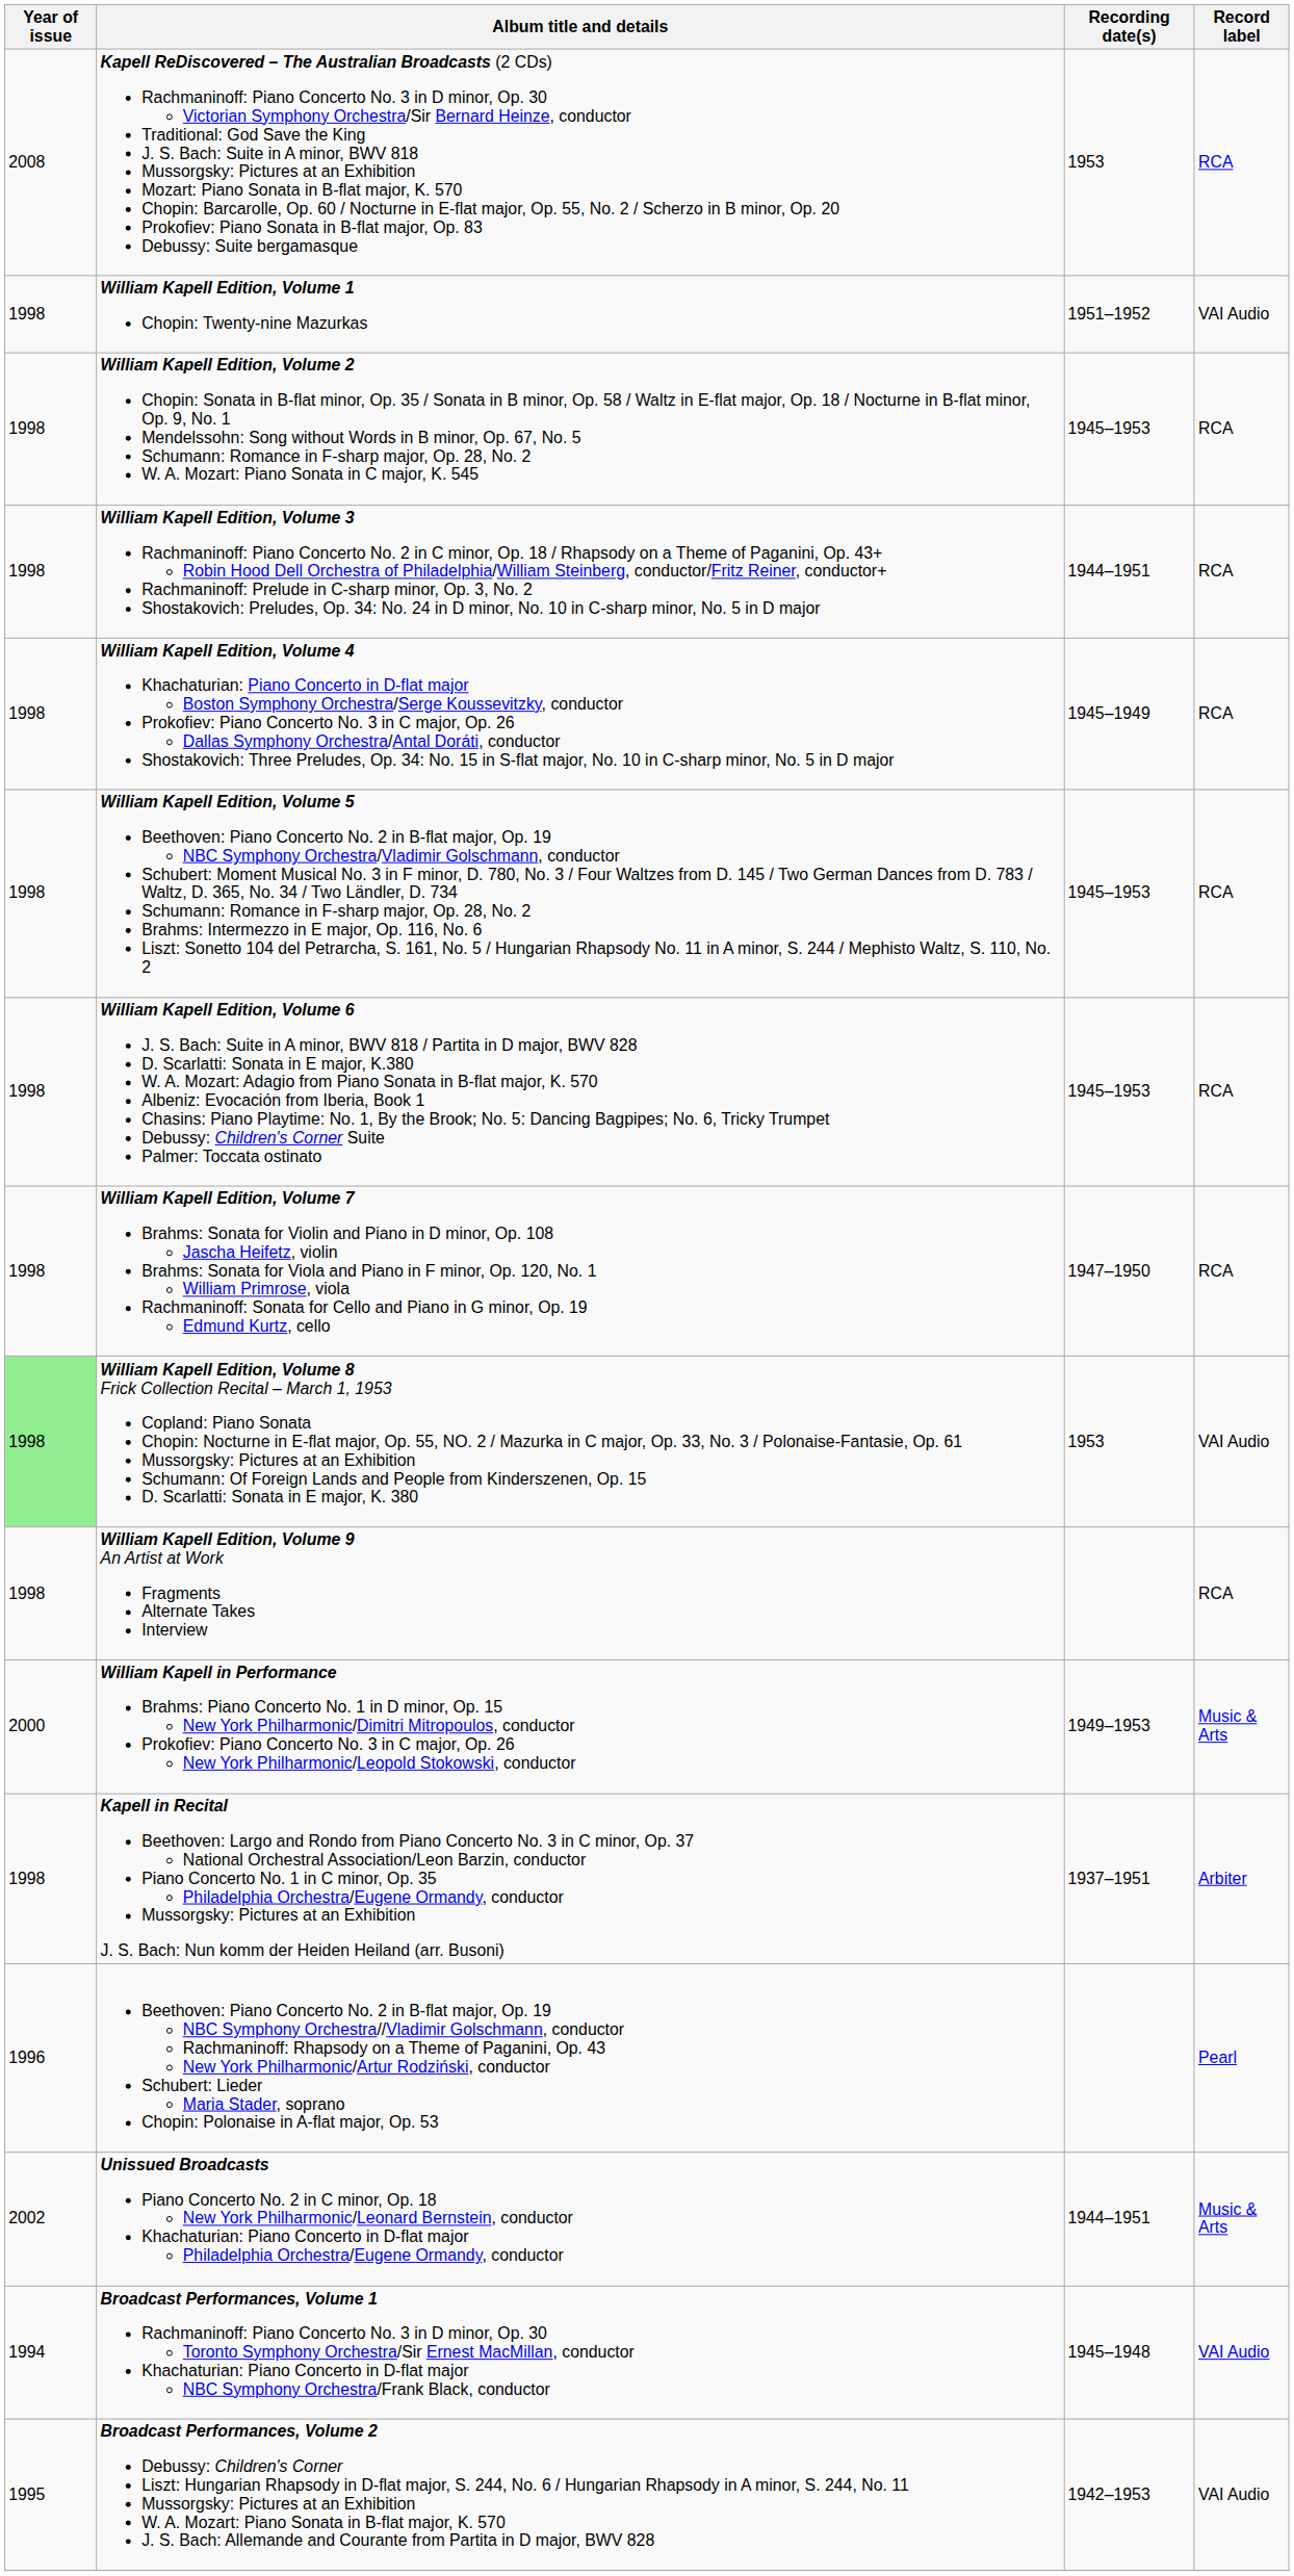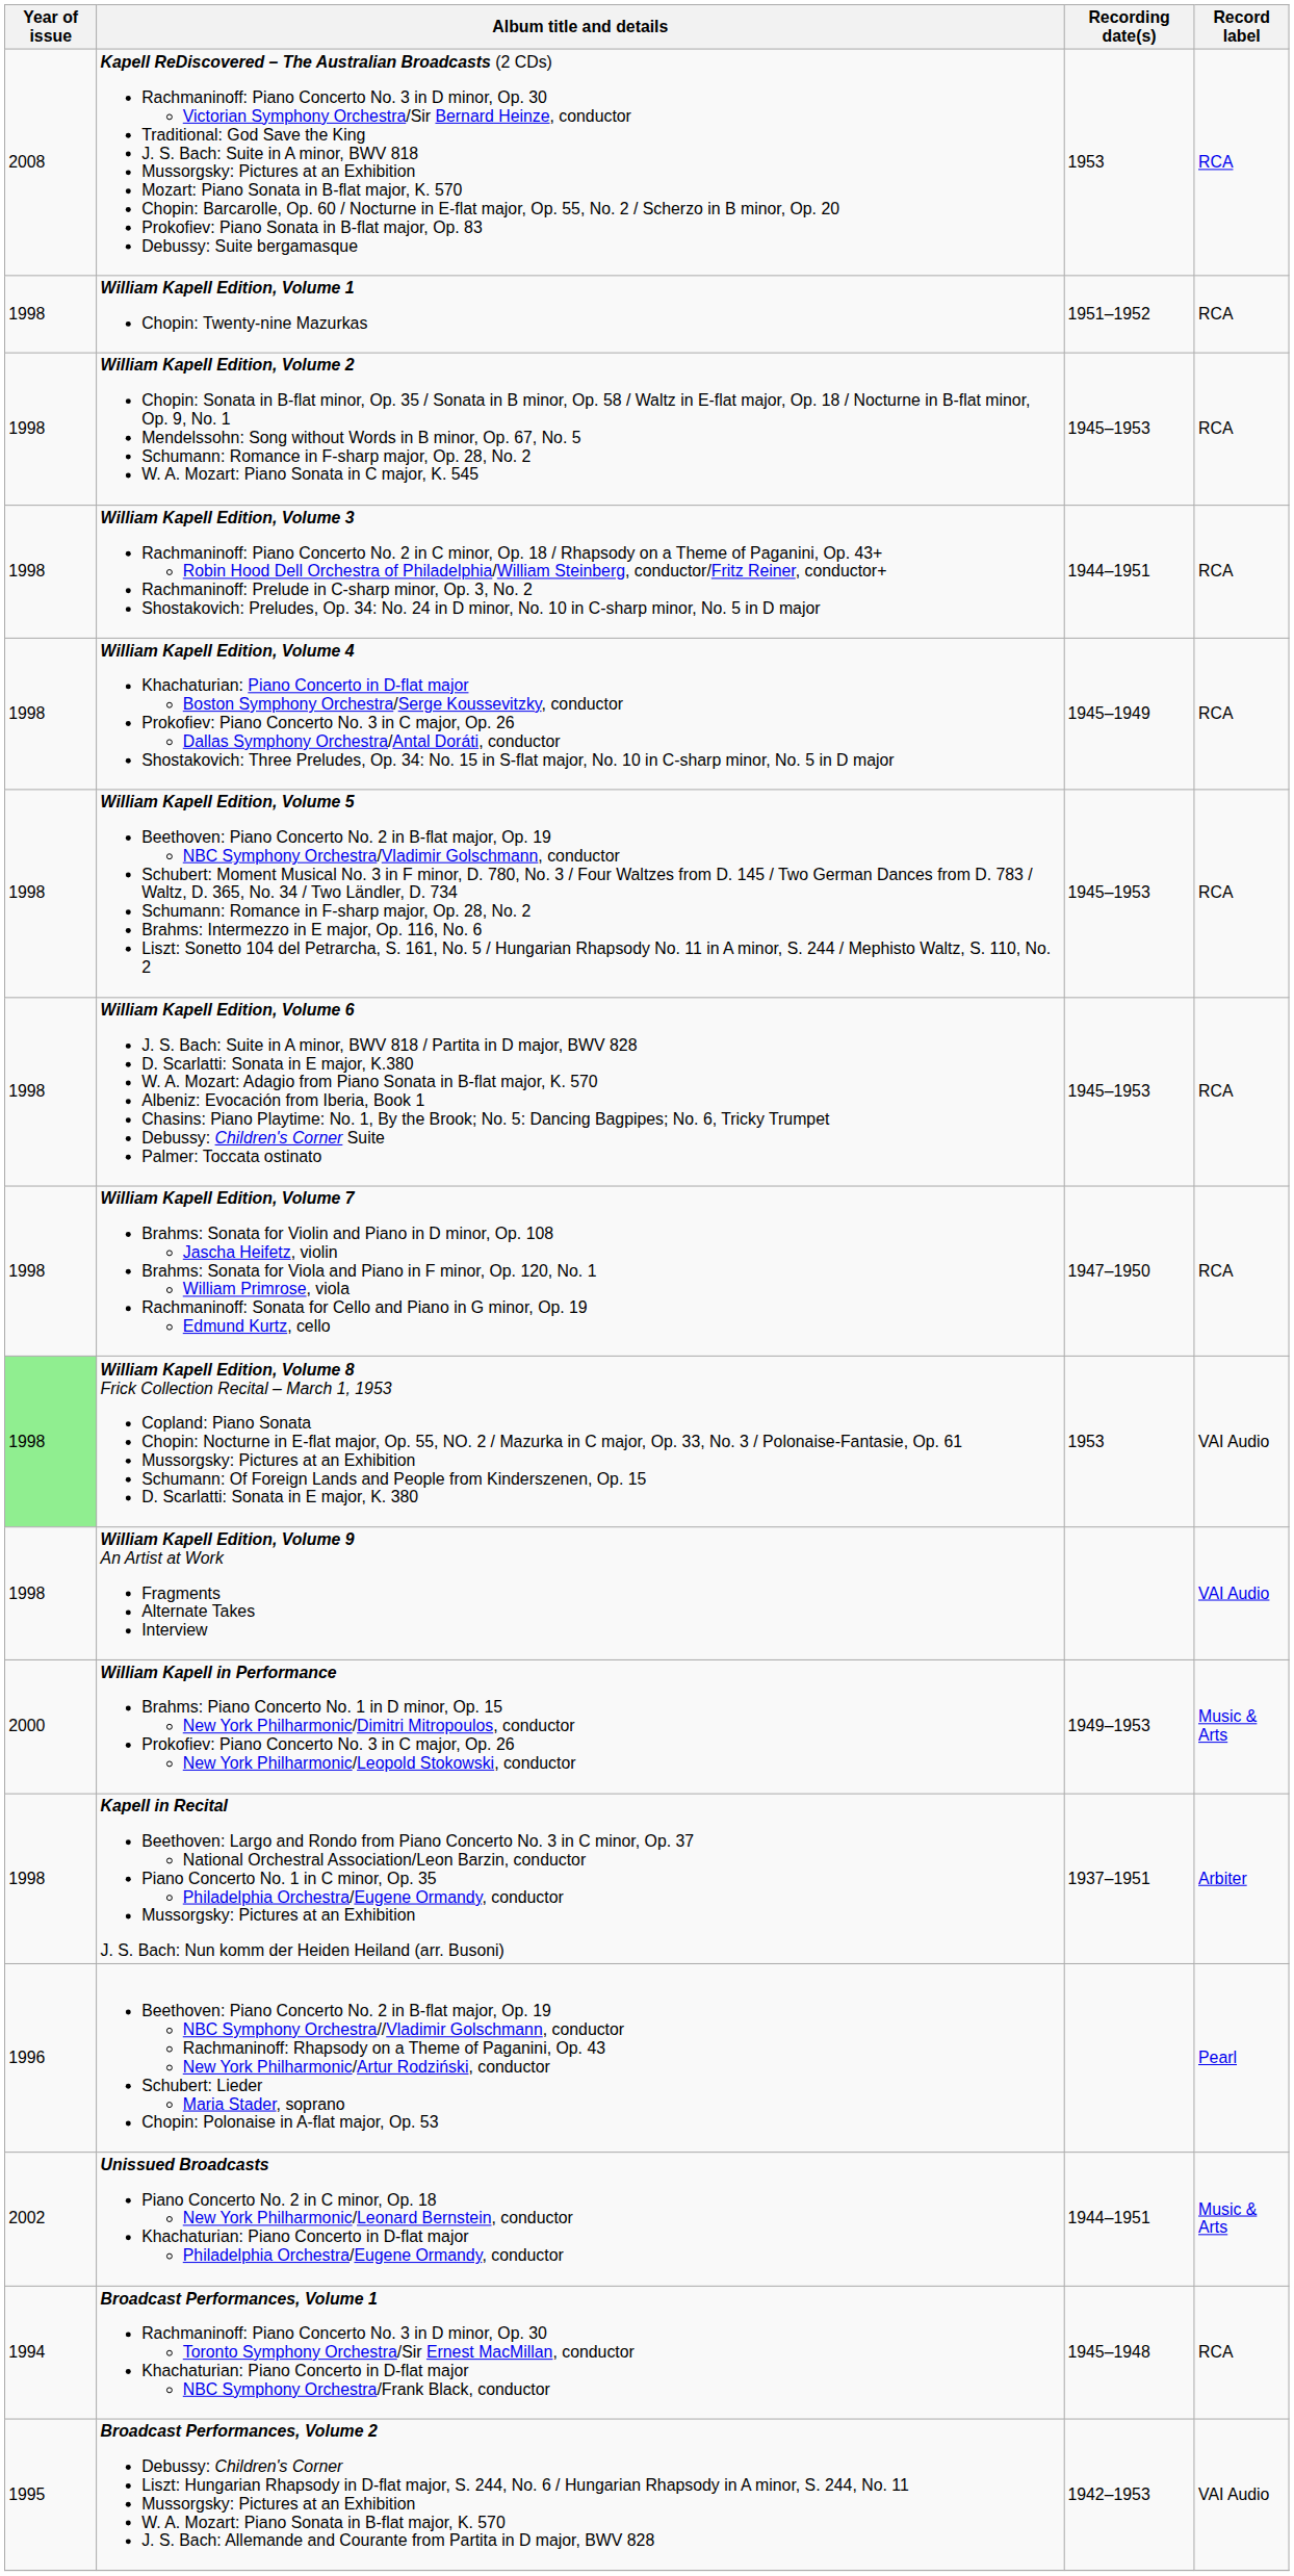 <table class="wikitable">
 <tr>
 <th>Year of issue</th>
 <th>Album title and details</th>
 <th>Recording date(s)</th>
 <th>Record label</th>
 </tr>
 <tr>
 <td>2008</td>
 <td><strong><em>Kapell ReDiscovered – The Australian Broadcasts</em></strong> (2 CDs)<br><ul><li>Rachmaninoff: Piano Concerto No. 3 in D minor, Op. 30<ul><li><a href='#'>Victorian Symphony Orchestra</a>/Sir <a href='#'>Bernard Heinze</a>, conductor</li></ul></li><li>Traditional: God Save the King</li><li>J. S. Bach: Suite in A minor, BWV 818</li><li>Mussorgsky: Pictures at an Exhibition</li><li>Mozart: Piano Sonata in B-flat major, K. 570</li><li>Chopin: Barcarolle, Op. 60 / Nocturne in E-flat major, Op. 55, No. 2 / Scherzo in B minor, Op. 20</li><li>Prokofiev: Piano Sonata in B-flat major, Op. 83</li><li>Debussy: Suite bergamasque</li></ul></td>
 <td>1953</td>
 <td><a href='#'>RCA</a></td>
 </tr>
 <tr>
 <td>1998</td>
 <td><strong><em>William Kapell Edition, Volume 1</em></strong><br><ul><li>Chopin: Twenty-nine Mazurkas</li></ul></td>
 <td>1951–1952</td>
-<td>VAI Audio</td>
+<td>RCA</td>
 </tr>
 <tr>
 <td>1998</td>
 <td><strong><em>William Kapell Edition, Volume 2</em></strong><br><ul><li>Chopin: Sonata in B-flat minor, Op. 35 / Sonata in B minor, Op. 58 / Waltz in E-flat major, Op. 18 / Nocturne in B-flat minor, Op. 9, No. 1</li><li>Mendelssohn: Song without Words in B minor, Op. 67, No. 5</li><li>Schumann: Romance in F-sharp major, Op. 28, No. 2</li><li>W. A. Mozart: Piano Sonata in C major, K. 545</li></ul></td>
 <td>1945–1953</td>
 <td>RCA</td>
 </tr>
 <tr>
 <td>1998</td>
 <td><strong><em>William Kapell Edition, Volume 3</em></strong><br><ul><li>Rachmaninoff: Piano Concerto No. 2 in C minor, Op. 18 / Rhapsody on a Theme of Paganini, Op. 43+<ul><li><a href='#'>Robin Hood Dell Orchestra of Philadelphia</a>/<a href='#'>William Steinberg</a>, conductor/<a href='#'>Fritz Reiner</a>, conductor+</li></ul></li><li>Rachmaninoff: Prelude in C-sharp minor, Op. 3, No. 2</li><li>Shostakovich: Preludes, Op. 34: No. 24 in D minor, No. 10 in C-sharp minor, No. 5 in D major</li></ul></td>
 <td>1944–1951</td>
 <td>RCA</td>
 </tr>
 <tr>
 <td>1998</td>
 <td><strong><em>William Kapell Edition, Volume 4</em></strong><br><ul><li>Khachaturian: <a href='#'>Piano Concerto in D-flat major</a><ul><li><a href='#'>Boston Symphony Orchestra</a>/<a href='#'>Serge Koussevitzky</a>, conductor</li></ul></li><li>Prokofiev: Piano Concerto No. 3 in C major, Op. 26<ul><li><a href='#'>Dallas Symphony Orchestra</a>/<a href='#'>Antal Doráti</a>, conductor</li></ul></li><li>Shostakovich: Three Preludes, Op. 34: No. 15 in S-flat major, No. 10 in C-sharp minor, No. 5 in D major</li></ul></td>
 <td>1945–1949</td>
 <td>RCA</td>
 </tr>
 <tr>
 <td>1998</td>
 <td><strong><em>William Kapell Edition, Volume 5</em></strong><br><ul><li>Beethoven: Piano Concerto No. 2 in B-flat major, Op. 19<ul><li><a href='#'>NBC Symphony Orchestra</a>/<a href='#'>Vladimir Golschmann</a>, conductor</li></ul></li><li>Schubert: Moment Musical No. 3 in F minor, D. 780, No. 3 / Four Waltzes from D. 145 / Two German Dances from D. 783 / Waltz, D. 365, No. 34 / Two Ländler, D. 734</li><li>Schumann: Romance in F-sharp major, Op. 28, No. 2</li><li>Brahms: Intermezzo in E major, Op. 116, No. 6</li><li>Liszt: Sonetto 104 del Petrarcha, S. 161, No. 5 / Hungarian Rhapsody No. 11 in A minor, S. 244 / Mephisto Waltz, S. 110, No. 2</li></ul></td>
 <td>1945–1953</td>
 <td>RCA</td>
 </tr>
 <tr>
 <td>1998</td>
 <td><strong><em>William Kapell Edition, Volume 6</em></strong><br><ul><li>J. S. Bach: Suite in A minor, BWV 818 / Partita in D major, BWV 828</li><li>D. Scarlatti: Sonata in E major, K.380</li><li>W. A. Mozart: Adagio from Piano Sonata in B-flat major, K. 570</li><li>Albeniz: Evocación from Iberia, Book 1</li><li>Chasins: Piano Playtime: No. 1, By the Brook; No. 5: Dancing Bagpipes; No. 6, Tricky Trumpet</li><li>Debussy: <em><a href='#'>Children's Corner</a></em> Suite</li><li>Palmer: Toccata ostinato</li></ul></td>
 <td>1945–1953</td>
 <td>RCA</td>
 </tr>
 <tr>
 <td>1998</td>
 <td><strong><em>William Kapell Edition, Volume 7</em></strong><br><ul><li>Brahms: Sonata for Violin and Piano in D minor, Op. 108<ul><li><a href='#'>Jascha Heifetz</a>, violin</li></ul></li><li>Brahms: Sonata for Viola and Piano in F minor, Op. 120, No. 1<ul><li><a href='#'>William Primrose</a>, viola</li></ul></li><li>Rachmaninoff: Sonata for Cello and Piano in G minor, Op. 19<ul><li><a href='#'>Edmund Kurtz</a>, cello</li></ul></li></ul></td>
 <td>1947–1950</td>
 <td>RCA</td>
 </tr>
 <tr>
 <td style="background: lightgreen;">1998</td>
 <td><strong><em>William Kapell Edition, Volume 8</em></strong><br><em>Frick Collection Recital – March 1, 1953</em><ul><li>Copland: Piano Sonata</li><li>Chopin: Nocturne in E-flat major, Op. 55, NO. 2 / Mazurka in C major, Op. 33, No. 3 / Polonaise-Fantasie, Op. 61</li><li>Mussorgsky: Pictures at an Exhibition</li><li>Schumann: Of Foreign Lands and People from Kinderszenen, Op. 15</li><li>D. Scarlatti: Sonata in E major, K. 380</li></ul></td>
 <td>1953</td>
 <td>VAI Audio</td>
 </tr>
 <tr>
 <td>1998</td>
 <td><strong><em>William Kapell Edition, Volume 9</em></strong><br><em>An Artist at Work</em><ul><li>Fragments</li><li>Alternate Takes</li><li>Interview</li></ul></td>
 <td></td>
-<td>RCA</td>
+<td><a href='#'>VAI Audio</a></td>
 </tr>
 <tr>
 <td>2000</td>
 <td><strong><em>William Kapell in Performance</em></strong><br><ul><li>Brahms: Piano Concerto No. 1 in D minor, Op. 15<ul><li><a href='#'>New York Philharmonic</a>/<a href='#'>Dimitri Mitropoulos</a>, conductor</li></ul></li><li>Prokofiev: Piano Concerto No. 3 in C major, Op. 26<ul><li><a href='#'>New York Philharmonic</a>/<a href='#'>Leopold Stokowski</a>, conductor</li></ul></li></ul></td>
 <td>1949–1953</td>
 <td><a href='#'>Music & Arts</a></td>
 </tr>
 <tr>
 <td>1998</td>
 <td><strong><em>Kapell in Recital</em></strong><br><ul><li>Beethoven: Largo and Rondo from Piano Concerto No. 3 in C minor, Op. 37<ul><li>National Orchestral Association/Leon Barzin, conductor</li></ul></li><li>Piano Concerto No. 1 in C minor, Op. 35<ul><li><a href='#'>Philadelphia Orchestra</a>/<a href='#'>Eugene Ormandy</a>, conductor</li></ul></li><li>Mussorgsky: Pictures at an Exhibition</li></ul>J. S. Bach: Nun komm der Heiden Heiland (arr. Busoni)</td>
 <td>1937–1951</td>
 <td><a href='#'>Arbiter</a></td>
 </tr>
 <tr>
 <td>1996</td>
 <td><br><ul><li>Beethoven: Piano Concerto No. 2 in B-flat major, Op. 19<ul><li><a href='#'>NBC Symphony Orchestra</a>//<a href='#'>Vladimir Golschmann</a>, conductor</li><li>Rachmaninoff: Rhapsody on a Theme of Paganini, Op. 43</li><li><a href='#'>New York Philharmonic</a>/<a href='#'>Artur Rodziński</a>, conductor</li></ul></li><li>Schubert: Lieder<ul><li><a href='#'>Maria Stader</a>, soprano</li></ul></li><li>Chopin: Polonaise in A-flat major, Op. 53</li></ul></td>
 <td></td>
 <td><a href='#'>Pearl</a></td>
 </tr>
 <tr>
 <td>2002</td>
 <td><strong><em>Unissued Broadcasts</em></strong><br><ul><li>Piano Concerto No. 2 in C minor, Op. 18<ul><li><a href='#'>New York Philharmonic</a>/<a href='#'>Leonard Bernstein</a>, conductor</li></ul></li><li>Khachaturian: Piano Concerto in D-flat major<ul><li><a href='#'>Philadelphia Orchestra</a>/<a href='#'>Eugene Ormandy</a>, conductor</li></ul></li></ul></td>
 <td>1944–1951</td>
 <td><a href='#'>Music & Arts</a></td>
 </tr>
 <tr>
 <td>1994</td>
 <td><strong><em>Broadcast Performances, Volume 1</em></strong><br><ul><li>Rachmaninoff: Piano Concerto No. 3 in D minor, Op. 30<ul><li><a href='#'>Toronto Symphony Orchestra</a>/Sir <a href='#'>Ernest MacMillan</a>, conductor</li></ul></li><li>Khachaturian: Piano Concerto in D-flat major<ul><li><a href='#'>NBC Symphony Orchestra</a>/Frank Black, conductor</li></ul></li></ul></td>
 <td>1945–1948</td>
-<td><a href='#'>VAI Audio</a></td>
+<td>RCA</td>
 </tr>
 <tr>
 <td>1995</td>
 <td><strong><em>Broadcast Performances, Volume 2</em></strong><br><ul><li>Debussy: <em>Children's Corner</em></li><li>Liszt: Hungarian Rhapsody in D-flat major, S. 244, No. 6 / Hungarian Rhapsody in A minor, S. 244, No. 11</li><li>Mussorgsky: Pictures at an Exhibition</li><li>W. A. Mozart: Piano Sonata in B-flat major, K. 570</li><li>J. S. Bach: Allemande and Courante from Partita in D major, BWV 828</li></ul></td>
 <td>1942–1953</td>
 <td>VAI Audio</td>
 </tr>
 <tr>
 </tr>
 </table>
